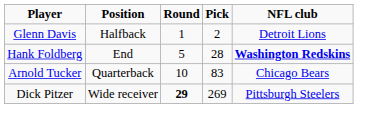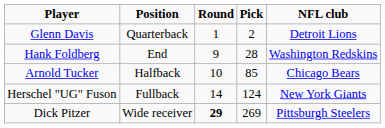 <table class="wikitable" style="text-align:center">
 <tr style="text-align:center; ">
 <td><strong>Player</strong></td>
 <td><strong>Position</strong></td>
 <td><strong>Round</strong></td>
 <td><strong>Pick</strong></td>
 <td><strong>NFL club</strong></td>
 </tr>
 <tr align="center" bgcolor="">
 <td><a href='#'>Glenn Davis</a></td>
-<td>Halfback</td>
+<td>Quarterback</td>
 <td>1</td>
 <td>2</td>
 <td><a href='#'>Detroit Lions</a></td>
 </tr>
 <tr align="center" bgcolor="">
 <td><a href='#'>Hank Foldberg</a></td>
 <td>End</td>
-<td>5</td>
+<td>9</td>
 <td>28</td>
-<td><strong><a href='#'>Washington Redskins</a></strong></td>
+<td><a href='#'>Washington Redskins</a></td>
 </tr>
 <tr align="center" bgcolor="">
 <td><a href='#'>Arnold Tucker</a></td>
-<td>Quarterback</td>
+<td>Halfback</td>
 <td>10</td>
-<td>83</td>
+<td>85</td>
 <td><a href='#'>Chicago Bears</a></td>
+</tr>
+<tr align="center" bgcolor="">
+<td>Herschel "UG" Fuson</td>
+<td>Fullback</td>
+<td>14</td>
+<td>124</td>
+<td><a href='#'>New York Giants</a></td>
 </tr>
 <tr align="center" bgcolor="">
 <td>Dick Pitzer</td>
 <td>Wide receiver</td>
 <td><strong>29</strong></td>
 <td>269</td>
 <td><a href='#'>Pittsburgh Steelers</a></td>
 </tr>
 </table>
